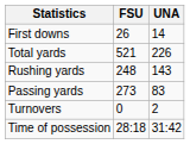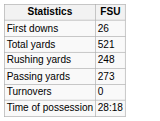 <table class="wikitable" style="float: left;">
 <tr>
 <th>Statistics</th>
 <th>FSU</th>
-<th>UNA</th>
 </tr>
 <tr>
 <td>First downs</td>
 <td>26</td>
-<td>14</td>
 </tr>
 <tr>
 <td>Total yards</td>
 <td>521</td>
-<td>226</td>
 </tr>
 <tr>
 <td>Rushing yards</td>
 <td>248</td>
-<td>143</td>
 </tr>
 <tr>
 <td>Passing yards</td>
 <td>273</td>
-<td>83</td>
 </tr>
 <tr>
 <td>Turnovers</td>
 <td>0</td>
-<td>2</td>
 </tr>
 <tr>
 <td>Time of possession</td>
 <td>28:18</td>
-<td>31:42</td>
 </tr>
 </table>
